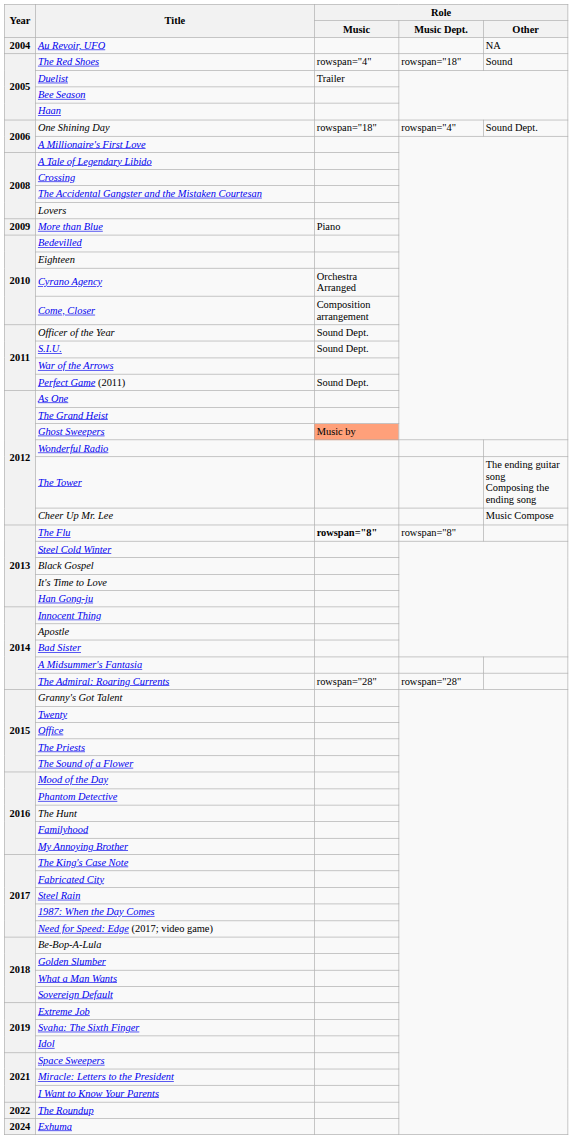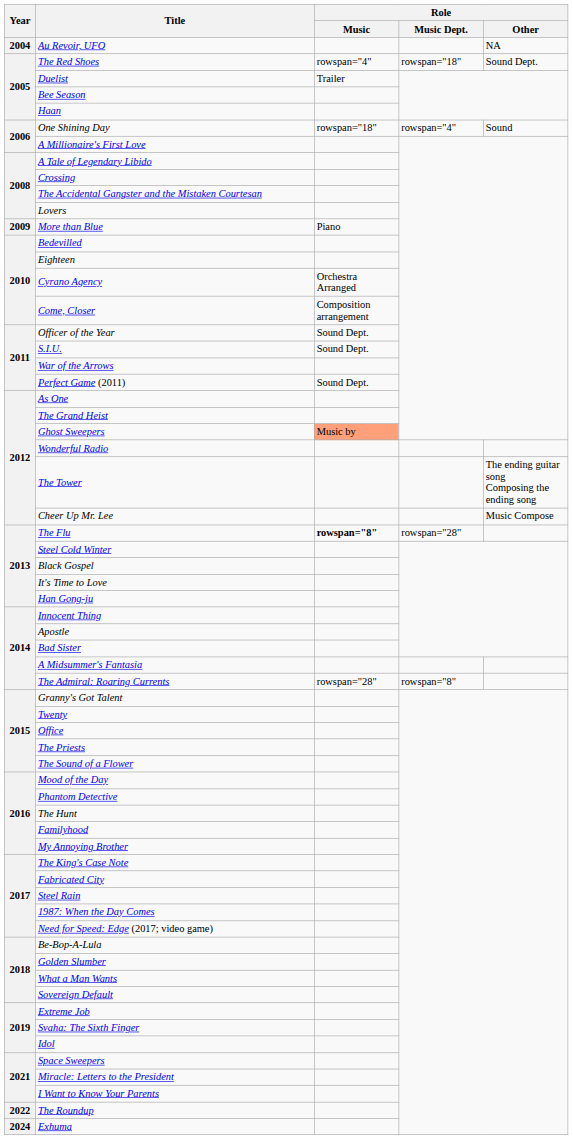 <table class="wikitable sortable plainrowheaders">
 <tr>
 <th rowspan="2">Year</th>
 <th rowspan="2">Title</th>
 <th colspan="3">Role</th>
 </tr>
 <tr>
 <th Width="15%">Music</th>
 <th Width="15%">Music Dept.</th>
 <th Width="15%">Other</th>
 </tr>
 <tr>
 <th scope="row">2004</th>
 <td><em><a href='#'>Au Revoir, UFO</a></em></td>
 <td></td>
 <td></td>
 <td>NA</td>
 </tr>
 <tr>
 <th rowspan="4" scope="row">2005</th>
 <td><em><a href='#'>The Red Shoes</a></em></td>
 <td>rowspan="4" </td>
 <td>rowspan="18" </td>
-<td>Sound</td>
+<td>Sound Dept.</td>
 </tr>
 <tr>
 <td><em><a href='#'>Duelist</a></em></td>
 <td>Trailer</td>
 </tr>
 <tr>
 <td><em><a href='#'>Bee Season</a></em></td>
 <td></td>
 </tr>
 <tr>
 <td><em><a href='#'>Haan</a></em></td>
 <td></td>
 </tr>
 <tr>
 <th rowspan="2" scope="row">2006</th>
 <td><em>One Shining Day</em></td>
 <td>rowspan="18" </td>
 <td>rowspan="4" </td>
-<td>Sound Dept.</td>
+<td>Sound</td>
 </tr>
 <tr>
 <td><em><a href='#'>A Millionaire's First Love</a></em></td>
 <td></td>
 </tr>
 <tr>
 <th rowspan="4" scope="row">2008</th>
 <td><em><a href='#'>A Tale of Legendary Libido</a></em></td>
 <td></td>
 </tr>
 <tr>
 <td><em><a href='#'>Crossing</a></em></td>
 <td></td>
 </tr>
 <tr>
 <td><em><a href='#'>The Accidental Gangster and the Mistaken Courtesan</a></em></td>
 <td></td>
 </tr>
 <tr>
 <td><em>Lovers</em></td>
 <td></td>
 </tr>
 <tr>
 <th scope="row">2009</th>
 <td><em><a href='#'>More than Blue</a></em></td>
 <td>Piano</td>
 </tr>
 <tr>
 <th rowspan="4" scope="row">2010</th>
 <td><em><a href='#'>Bedevilled</a></em></td>
 <td></td>
 </tr>
 <tr>
 <td><em>Eighteen</em></td>
 <td></td>
 </tr>
 <tr>
 <td><em><a href='#'>Cyrano Agency</a></em></td>
 <td>Orchestra Arranged</td>
 </tr>
 <tr>
 <td><em><a href='#'>Come, Closer</a></em></td>
 <td>Composition arrangement</td>
 </tr>
 <tr>
 <th rowspan="4" scope="row">2011</th>
 <td><em>Officer of the Year</em></td>
 <td>Sound Dept.</td>
 </tr>
 <tr>
 <td><em><a href='#'>S.I.U.</a></em></td>
 <td>Sound Dept.</td>
 </tr>
 <tr>
 <td><em><a href='#'>War of the Arrows</a></em></td>
 <td></td>
 </tr>
 <tr>
 <td><em><a href='#'>Perfect Game</a></em> (2011)</td>
 <td>Sound Dept.</td>
 </tr>
 <tr>
 <th rowspan="6" scope="row">2012</th>
 <td><em><a href='#'>As One</a></em></td>
 <td></td>
 </tr>
 <tr>
 <td><em><a href='#'>The Grand Heist</a></em></td>
 <td></td>
 </tr>
 <tr>
 <td><em><a href='#'>Ghost Sweepers</a></em></td>
 <td style="background: lightsalmon;">Music by</td>
 </tr>
 <tr>
 <td><em><a href='#'>Wonderful Radio</a></em></td>
 <td></td>
 <td></td>
 <td></td>
 </tr>
 <tr>
 <td><em><a href='#'>The Tower</a></em></td>
 <td></td>
 <td></td>
 <td>The ending guitar song<br>Composing the ending song</td>
 </tr>
 <tr>
 <td><em>Cheer Up Mr. Lee</em></td>
 <td></td>
 <td></td>
 <td>Music Compose</td>
 </tr>
 <tr>
 <th rowspan="5" scope="row">2013</th>
 <td><em><a href='#'>The Flu</a></em></td>
 <td><strong>rowspan="8" </strong></td>
-<td>rowspan="8" </td>
+<td>rowspan="28" </td>
 <td></td>
 </tr>
 <tr>
 <td><em><a href='#'>Steel Cold Winter</a></em></td>
 <td></td>
 </tr>
 <tr>
 <td><em>Black Gospel</em></td>
 <td></td>
 </tr>
 <tr>
 <td><em>It's Time to Love</em></td>
 <td></td>
 </tr>
 <tr>
 <td><em><a href='#'>Han Gong-ju</a></em></td>
 <td></td>
 </tr>
 <tr>
 <th rowspan="5" scope="row">2014</th>
 <td><em><a href='#'>Innocent Thing</a></em></td>
 <td></td>
 </tr>
 <tr>
 <td><em>Apostle</em></td>
 <td></td>
 </tr>
 <tr>
 <td><em><a href='#'>Bad Sister</a></em></td>
 <td></td>
 </tr>
 <tr>
 <td><em><a href='#'>A Midsummer's Fantasia</a></em></td>
 <td></td>
 <td></td>
 <td></td>
 </tr>
 <tr>
 <td><em><a href='#'>The Admiral: Roaring Currents</a></em></td>
 <td>rowspan="28" </td>
-<td>rowspan="28" </td>
+<td>rowspan="8" </td>
 <td></td>
 </tr>
 <tr>
 <th rowspan="5" scope="row">2015</th>
 <td><em>Granny's Got Talent</em></td>
 <td></td>
 </tr>
 <tr>
 <td><em><a href='#'>Twenty</a></em></td>
 <td></td>
 </tr>
 <tr>
 <td><em><a href='#'>Office</a></em></td>
 <td></td>
 </tr>
 <tr>
 <td><em><a href='#'>The Priests</a></em></td>
 <td></td>
 </tr>
 <tr>
 <td><em><a href='#'>The Sound of a Flower</a></em></td>
 <td></td>
 </tr>
 <tr>
 <th rowspan="5" scope="row">2016</th>
 <td><em><a href='#'>Mood of the Day</a></em></td>
 <td></td>
 </tr>
 <tr>
 <td><em><a href='#'>Phantom Detective</a></em></td>
 <td></td>
 </tr>
 <tr>
 <td><em>The Hunt</em></td>
 <td></td>
 </tr>
 <tr>
 <td><em><a href='#'>Familyhood</a></em></td>
 <td></td>
 </tr>
 <tr>
 <td><em><a href='#'>My Annoying Brother</a></em></td>
 <td></td>
 </tr>
 <tr>
 <th rowspan="5" scope="row">2017</th>
 <td><em><a href='#'>The King's Case Note</a></em></td>
 <td></td>
 </tr>
 <tr>
 <td><em><a href='#'>Fabricated City</a></em></td>
 <td></td>
 </tr>
 <tr>
 <td><em><a href='#'>Steel Rain</a></em></td>
 <td></td>
 </tr>
 <tr>
 <td><em><a href='#'>1987: When the Day Comes</a></em></td>
 <td></td>
 </tr>
 <tr>
 <td><em><a href='#'>Need for Speed: Edge</a></em> (2017; video game)</td>
 <td></td>
 </tr>
 <tr>
 <th rowspan="4" scope="row">2018</th>
 <td><em>Be-Bop-A-Lula</em></td>
 <td></td>
 </tr>
 <tr>
 <td><em><a href='#'>Golden Slumber</a></em></td>
 <td></td>
 </tr>
 <tr>
 <td><em><a href='#'>What a Man Wants</a></em></td>
 <td></td>
 </tr>
 <tr>
 <td><em><a href='#'>Sovereign Default</a></em></td>
 <td></td>
 </tr>
 <tr>
 <th rowspan="3" scope="row">2019</th>
 <td><em><a href='#'>Extreme Job</a></em></td>
 <td></td>
 </tr>
 <tr>
 <td><em><a href='#'>Svaha: The Sixth Finger</a></em></td>
 <td></td>
 </tr>
 <tr>
 <td><em><a href='#'>Idol</a></em></td>
 <td></td>
 </tr>
 <tr>
 <th rowspan="3" scope="row">2021</th>
 <td><em><a href='#'>Space Sweepers</a></em></td>
 <td></td>
 </tr>
 <tr>
 <td><em><a href='#'>Miracle: Letters to the President</a></em></td>
 <td></td>
 </tr>
 <tr>
 <td><em><a href='#'>I Want to Know Your Parents</a></em></td>
 <td></td>
 </tr>
 <tr>
 <th scope="row">2022</th>
 <td><em><a href='#'>The Roundup</a></em></td>
 <td></td>
 </tr>
 <tr>
 <th scope="row">2024</th>
 <td><em><a href='#'>Exhuma</a></em></td>
 <td></td>
 </tr>
 </table>
